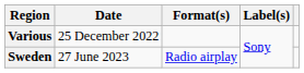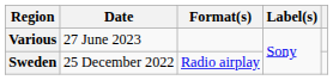 <table class="wikitable plainrowheaders">
 <tr>
 <th scope="col">Region</th>
 <th scope="col">Date</th>
 <th scope="col">Format(s)</th>
 <th scope="col">Label(s)</th>
 <th scope="col"></th>
 </tr>
 <tr>
 <th scope="row">Various</th>
-<td>25 December 2022</td>
+<td>27 June 2023</td>
 <td></td>
 <td rowspan="2"><a href='#'>Sony</a></td>
 <td></td>
 </tr>
 <tr>
 <th scope="row">Sweden</th>
-<td>27 June 2023</td>
+<td>25 December 2022</td>
 <td><a href='#'>Radio airplay</a></td>
 <td></td>
 </tr>
 </table>
